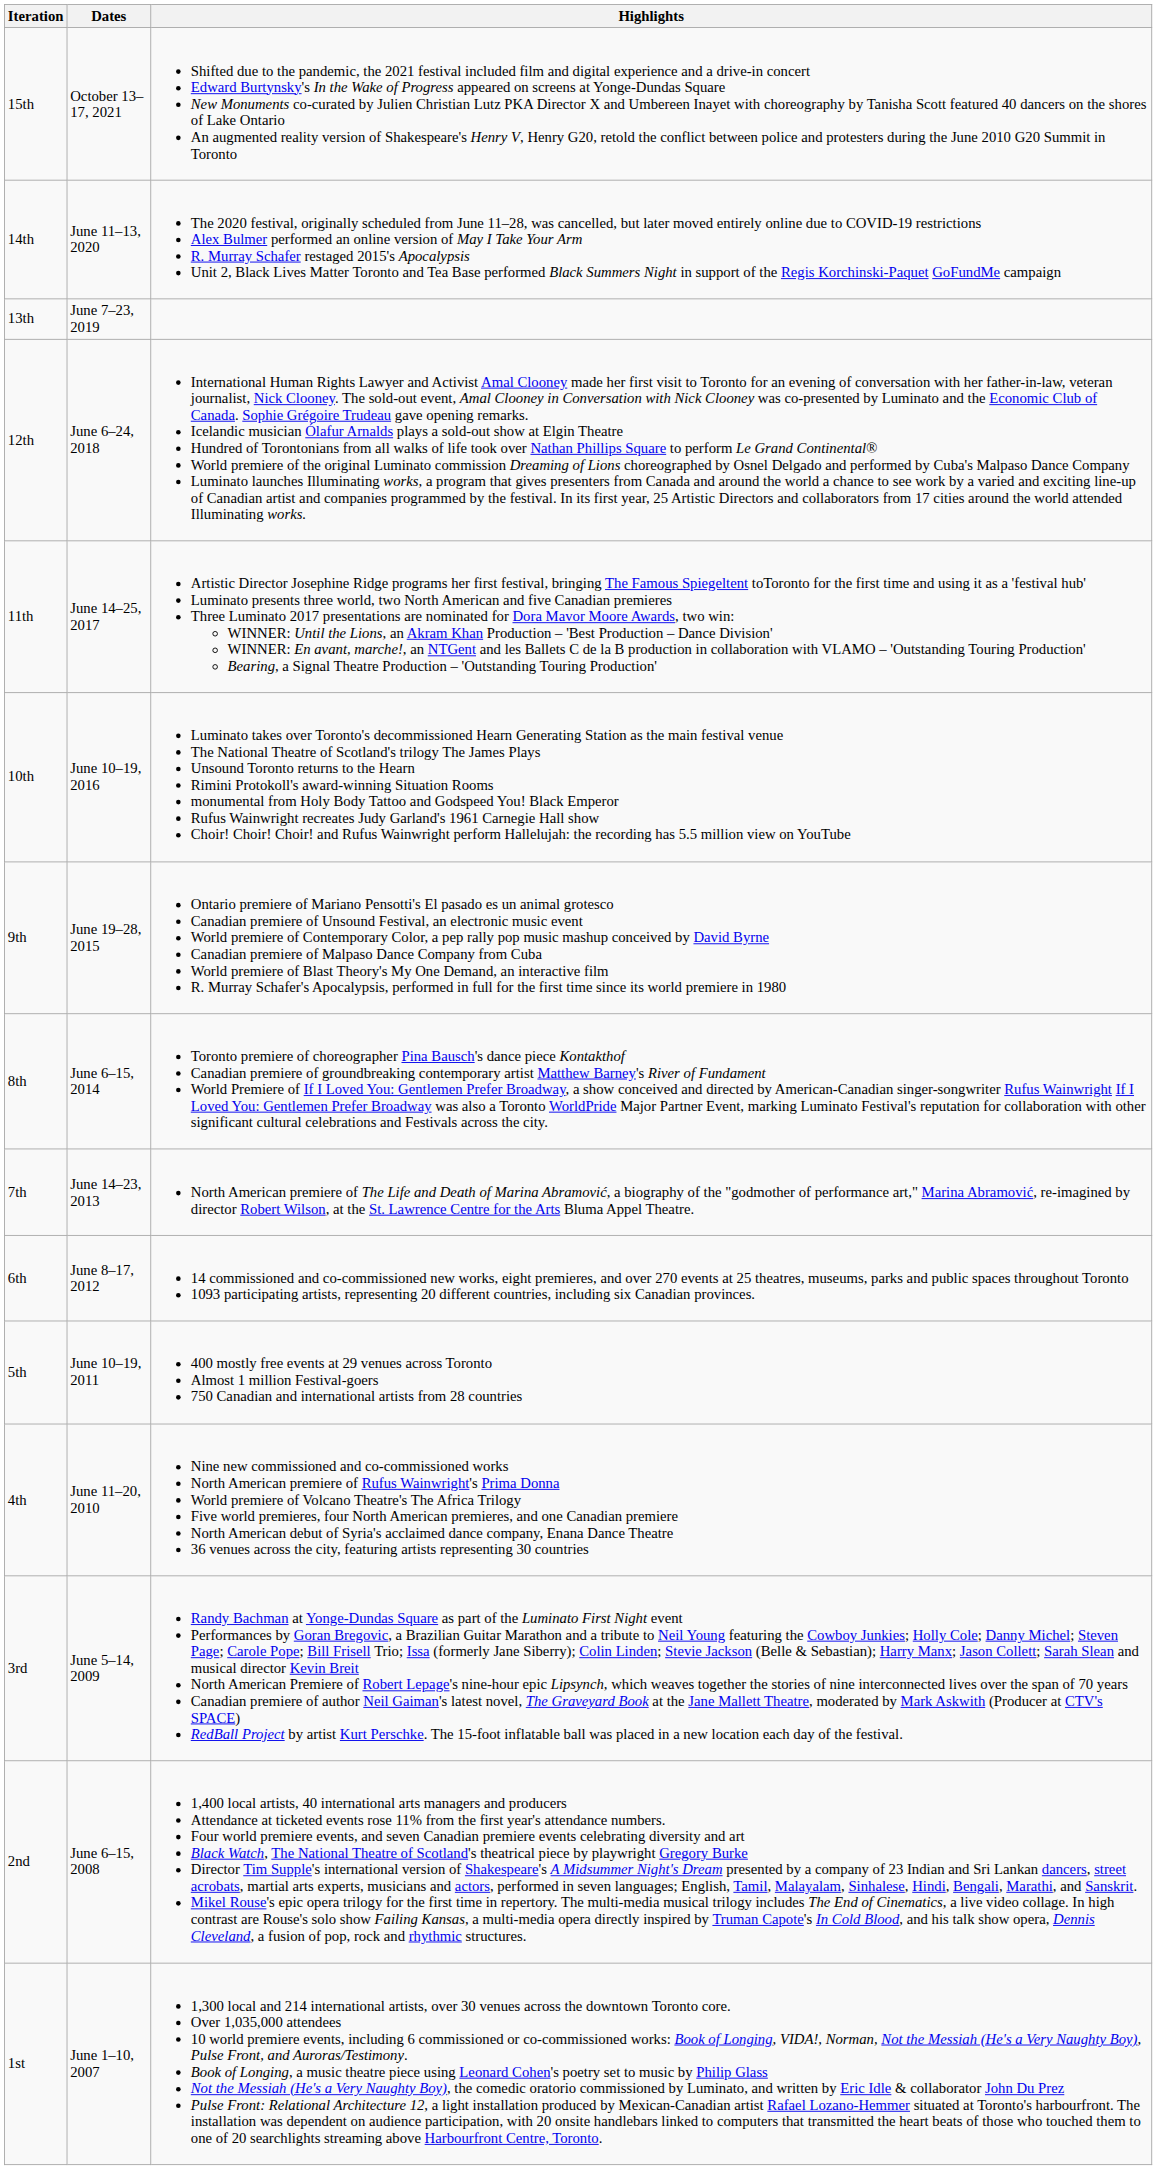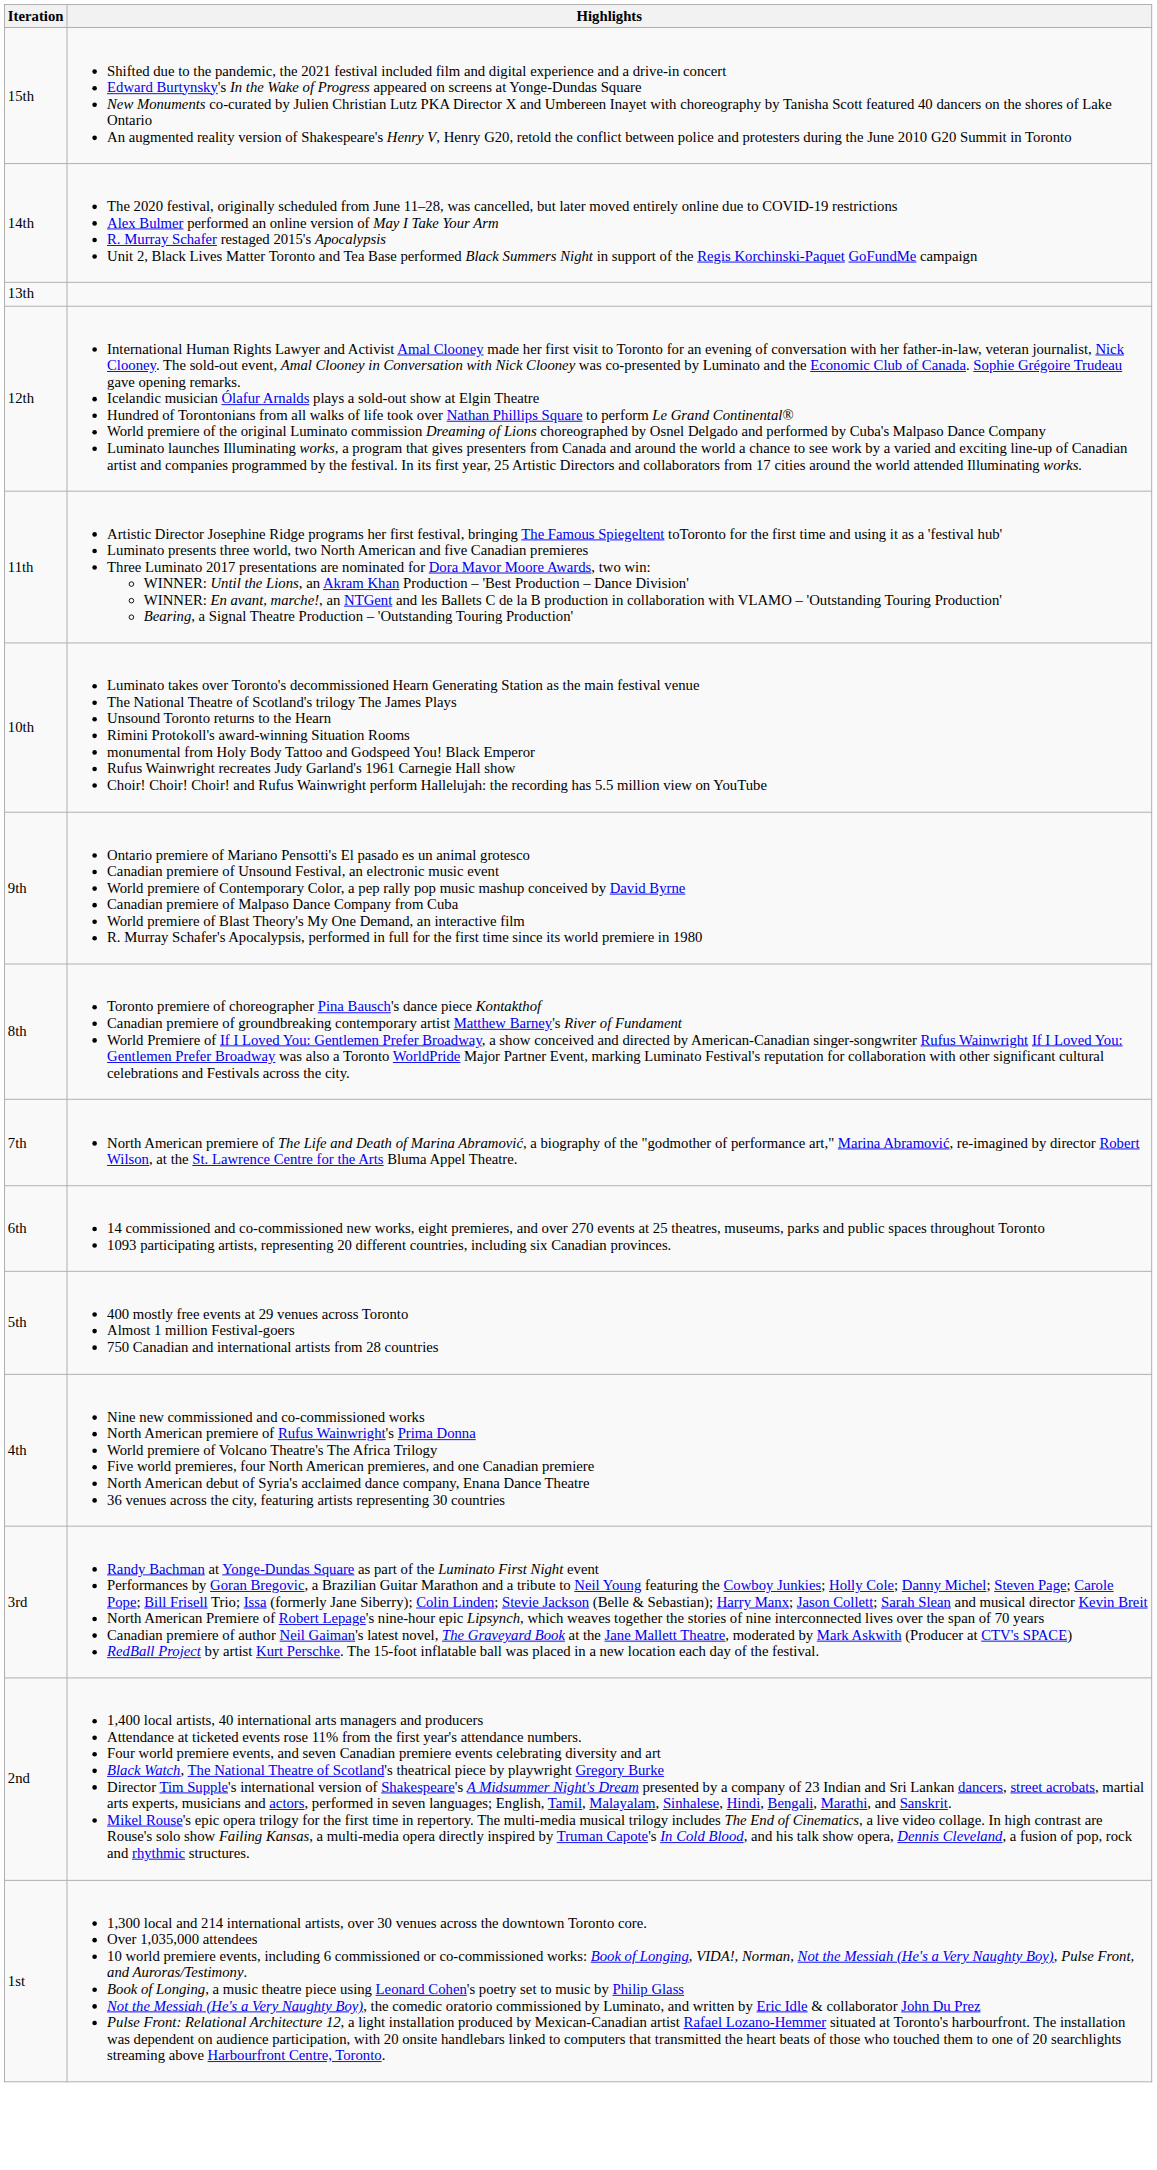 <table class="wikitable">
 <tr>
 <th>Iteration</th>
-<th>Dates</th>
 <th>Highlights</th>
 </tr>
 <tr>
 <td>15th</td>
-<td>October 13–17, 2021</td>
 <td><br><ul><li>Shifted due to the pandemic, the 2021 festival included film and digital experience and a drive-in concert</li><li><a href='#'>Edward Burtynsky</a>'s <em>In the Wake of Progress</em> appeared on screens at Yonge-Dundas Square</li><li><em>New Monuments</em> co-curated by Julien Christian Lutz PKA Director X and Umbereen Inayet with choreography by Tanisha Scott featured 40 dancers on the shores of Lake Ontario</li><li>An augmented reality version of Shakespeare's <em>Henry V</em>, Henry G20, retold the conflict between police and protesters during the June 2010 G20 Summit in Toronto</li></ul></td>
 </tr>
 <tr>
 <td>14th</td>
-<td>June 11–13, 2020</td>
 <td><br><ul><li>The 2020 festival, originally scheduled from June 11–28, was cancelled, but later moved entirely online due to COVID-19 restrictions</li><li><a href='#'>Alex Bulmer</a> performed an online version of <em>May I Take Your Arm</em></li><li><a href='#'>R. Murray Schafer</a> restaged 2015's <em>Apocalypsis</em></li><li>Unit 2, Black Lives Matter Toronto and Tea Base performed <em>Black Summers Night</em> in support of the  <a href='#'>Regis Korchinski-Paquet</a> <a href='#'>GoFundMe</a> campaign</li></ul></td>
 </tr>
 <tr>
 <td>13th</td>
-<td>June 7–23, 2019</td>
 <td></td>
 </tr>
 <tr>
 <td>12th</td>
-<td>June 6–24, 2018</td>
 <td><br><ul><li>International Human Rights Lawyer and Activist <a href='#'>Amal Clooney</a> made her first visit to Toronto for an evening of conversation with her father-in-law, veteran journalist, <a href='#'>Nick Clooney</a>. The sold-out event, <em>Amal Clooney in Conversation with Nick Clooney</em> was co-presented by Luminato and the <a href='#'>Economic Club of Canada</a>. <a href='#'>Sophie Grégoire Trudeau</a> gave opening remarks.</li><li>Icelandic musician <a href='#'>Ólafur Arnalds</a> plays a sold-out show at Elgin Theatre</li><li>Hundred of Torontonians from all walks of life took over <a href='#'>Nathan Phillips Square</a> to perform <em>Le Grand Continental®</em></li><li>World premiere of the original Luminato commission <em>Dreaming of Lions</em> choreographed by Osnel Delgado and performed by Cuba's Malpaso Dance Company</li><li>Luminato launches Illuminating <em>works,</em> a program that gives presenters from Canada and around the world a chance to see work by a varied and exciting line-up of Canadian artist and companies programmed by the festival. In its first year, 25 Artistic Directors and collaborators from 17 cities around the world attended Illuminating <em>works.</em></li></ul></td>
 </tr>
 <tr>
 <td>11th</td>
-<td>June 14–25, 2017</td>
 <td><br><ul><li>Artistic Director Josephine Ridge programs her first festival, bringing <a href='#'>The Famous Spiegeltent</a> toToronto for the first time and using it as a 'festival hub'</li><li>Luminato presents three world, two North American and five Canadian premieres</li><li>Three Luminato 2017 presentations are nominated for <a href='#'>Dora Mavor Moore Awards</a>, two win:<ul><li>WINNER: <em>Until the Lions</em>, an <a href='#'>Akram Khan</a> Production – 'Best Production – Dance Division'</li><li>WINNER: <em>En avant, marche!</em>, an <a href='#'>NTGent</a> and les Ballets C de la B production in collaboration with VLAMO – 'Outstanding Touring Production'</li><li><em>Bearing</em>, a Signal Theatre Production – 'Outstanding Touring Production'</li></ul></li></ul></td>
 </tr>
 <tr>
 <td>10th</td>
-<td>June 10–19, 2016</td>
 <td><br><ul><li>Luminato takes over Toronto's decommissioned Hearn Generating Station as the main festival venue</li><li>The National Theatre of Scotland's trilogy The James Plays</li><li>Unsound Toronto returns to the Hearn</li><li>Rimini Protokoll's award-winning Situation Rooms</li><li>monumental from Holy Body Tattoo and Godspeed You! Black Emperor</li><li>Rufus Wainwright recreates Judy Garland's 1961 Carnegie Hall show</li><li>Choir! Choir! Choir! and Rufus Wainwright perform Hallelujah: the recording has 5.5 million view on YouTube</li></ul></td>
 </tr>
 <tr>
 <td>9th</td>
-<td>June 19–28, 2015</td>
 <td><br><ul><li>Ontario premiere of Mariano Pensotti's El pasado es un animal grotesco</li><li>Canadian premiere of Unsound Festival, an electronic music event</li><li>World premiere of Contemporary Color, a pep rally pop music mashup conceived by <a href='#'>David Byrne</a></li><li>Canadian premiere of Malpaso Dance Company from Cuba</li><li>World premiere of Blast Theory's My One Demand, an interactive film</li><li>R. Murray Schafer's Apocalypsis, performed in full for the first time since its world premiere in 1980</li></ul></td>
 </tr>
 <tr>
 <td>8th</td>
-<td>June 6–15, 2014</td>
 <td><br><ul><li>Toronto premiere of choreographer <a href='#'>Pina Bausch</a>'s dance piece <em>Kontakthof</em></li><li>Canadian premiere of groundbreaking contemporary artist <a href='#'>Matthew Barney</a>'s <em>River of Fundament</em></li><li>World Premiere of <a href='#'>If I Loved You: Gentlemen Prefer Broadway</a>, a show conceived and directed by American-Canadian singer-songwriter <a href='#'>Rufus Wainwright</a>   <a href='#'>If I Loved You: Gentlemen Prefer Broadway</a> was also a Toronto <a href='#'>WorldPride</a> Major Partner Event, marking Luminato Festival's reputation for collaboration with other significant cultural celebrations and Festivals across the city.</li></ul></td>
 </tr>
 <tr>
 <td>7th</td>
-<td>June 14–23, 2013</td>
 <td><br><ul><li>North American premiere of <em>The Life and Death of Marina Abramović</em>, a biography of the "godmother of performance art," <a href='#'>Marina Abramović</a>, re-imagined by director <a href='#'>Robert Wilson</a>, at the <a href='#'>St. Lawrence Centre for the Arts</a> Bluma Appel Theatre.</li></ul></td>
 </tr>
 <tr>
 <td>6th</td>
-<td>June 8–17, 2012</td>
 <td><br><ul><li>14 commissioned and co-commissioned new works, eight premieres, and over 270 events at 25 theatres, museums, parks and public spaces throughout Toronto</li><li>1093 participating artists, representing 20 different countries, including six Canadian provinces.</li></ul></td>
 </tr>
 <tr>
 <td>5th</td>
-<td>June 10–19, 2011</td>
 <td><br><ul><li>400 mostly free events at 29 venues across Toronto</li><li>Almost 1 million Festival-goers</li><li>750 Canadian and international artists from 28 countries</li></ul></td>
 </tr>
 <tr>
 <td>4th</td>
-<td>June 11–20, 2010</td>
 <td><br><ul><li>Nine new commissioned and co-commissioned works</li><li>North American premiere of <a href='#'>Rufus Wainwright</a>'s <a href='#'>Prima Donna</a></li><li>World premiere of Volcano Theatre's The Africa Trilogy</li><li>Five world premieres, four North American premieres, and one Canadian premiere</li><li>North American debut of Syria's acclaimed dance company, Enana Dance Theatre</li><li>36 venues across the city, featuring artists representing 30 countries</li></ul></td>
 </tr>
 <tr>
 <td>3rd</td>
-<td>June 5–14, 2009</td>
 <td><br><ul><li><a href='#'>Randy Bachman</a> at <a href='#'>Yonge-Dundas Square</a> as part of the <em>Luminato First Night</em> event</li><li>Performances by <a href='#'>Goran Bregovic</a>, a Brazilian Guitar Marathon and a tribute to <a href='#'>Neil Young</a> featuring the <a href='#'>Cowboy Junkies</a>; <a href='#'>Holly Cole</a>; <a href='#'>Danny Michel</a>; <a href='#'>Steven Page</a>; <a href='#'>Carole Pope</a>; <a href='#'>Bill Frisell</a> Trio; <a href='#'>Issa</a> (formerly Jane Siberry); <a href='#'>Colin Linden</a>; <a href='#'>Stevie Jackson</a> (Belle & Sebastian); <a href='#'>Harry Manx</a>; <a href='#'>Jason Collett</a>; <a href='#'>Sarah Slean</a> and musical director <a href='#'>Kevin Breit</a></li><li>North American Premiere of <a href='#'>Robert Lepage</a>'s nine-hour epic <em>Lipsynch</em>, which weaves together the stories of nine interconnected lives over the span of 70 years</li><li>Canadian premiere of author <a href='#'>Neil Gaiman</a>'s latest novel, <em><a href='#'>The Graveyard Book</a></em> at the <a href='#'>Jane Mallett Theatre</a>, moderated by <a href='#'>Mark Askwith</a> (Producer at <a href='#'>CTV's SPACE</a>)</li><li><em><a href='#'>RedBall Project</a></em> by artist <a href='#'>Kurt Perschke</a>. The 15-foot inflatable ball was placed in a new location each day of the festival.</li></ul></td>
 </tr>
 <tr>
 <td>2nd</td>
-<td>June 6–15, 2008</td>
 <td><br><ul><li>1,400 local artists, 40 international arts managers and producers</li><li>Attendance at ticketed events rose 11% from the first year's attendance numbers.</li><li>Four world premiere events, and seven Canadian premiere events celebrating diversity and art</li><li><em><a href='#'>Black Watch</a></em>, <a href='#'>The National Theatre of Scotland</a>'s theatrical piece by playwright <a href='#'>Gregory Burke</a></li><li>Director <a href='#'>Tim Supple</a>'s international version of <a href='#'>Shakespeare</a>'s <em><a href='#'>A Midsummer Night's Dream</a></em> presented by a company of 23 Indian and Sri Lankan <a href='#'>dancers</a>, <a href='#'>street acrobats</a>, martial arts experts, musicians and <a href='#'>actors</a>, performed in seven languages; English, <a href='#'>Tamil</a>, <a href='#'>Malayalam</a>, <a href='#'>Sinhalese</a>, <a href='#'>Hindi</a>, <a href='#'>Bengali</a>, <a href='#'>Marathi</a>, and <a href='#'>Sanskrit</a>.</li><li><a href='#'>Mikel Rouse</a>'s epic opera trilogy for the first time in repertory. The multi-media musical trilogy includes <em>The End of Cinematics</em>, a live video collage. In high contrast are Rouse's solo show <em>Failing Kansas</em>, a multi-media opera directly inspired by <a href='#'>Truman Capote</a>'s <em><a href='#'>In Cold Blood</a></em>, and his talk show opera, <em><a href='#'>Dennis Cleveland</a></em>, a fusion of pop, rock and <a href='#'>rhythmic</a> structures.</li></ul></td>
 </tr>
 <tr>
 <td>1st</td>
-<td>June 1–10, 2007</td>
 <td><br><ul><li>1,300 local and 214 international artists, over 30 venues across the downtown Toronto core.</li><li>Over 1,035,000 attendees</li><li>10 world premiere events, including 6 commissioned or co-commissioned works: <em><a href='#'>Book of Longing</a>, VIDA!, Norman, <a href='#'>Not the Messiah (He's a Very Naughty Boy)</a>, Pulse Front, and Auroras/Testimony</em>.</li><li><em>Book of Longing</em>, a music theatre piece using <a href='#'>Leonard Cohen</a>'s poetry set to music by <a href='#'>Philip Glass</a></li><li><em><a href='#'>Not the Messiah (He's a Very Naughty Boy)</a></em>, the comedic oratorio commissioned by Luminato, and written by <a href='#'>Eric Idle</a> & collaborator <a href='#'>John Du Prez</a></li><li><em>Pulse Front: Relational Architecture 12</em>, a light installation produced by Mexican-Canadian artist <a href='#'>Rafael Lozano-Hemmer</a> situated at Toronto's harbourfront. The installation was dependent on audience participation, with 20 onsite handlebars linked to computers that transmitted the heart beats of those who touched them to one of 20 searchlights streaming above <a href='#'>Harbourfront Centre, Toronto</a>.</li></ul></td>
 </tr>
 </table>
